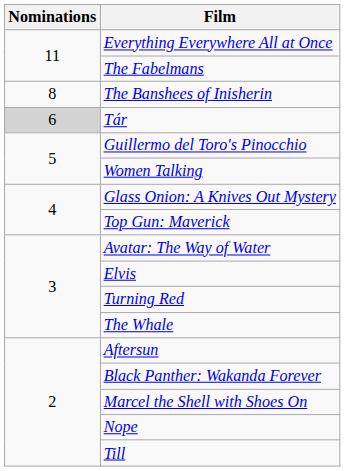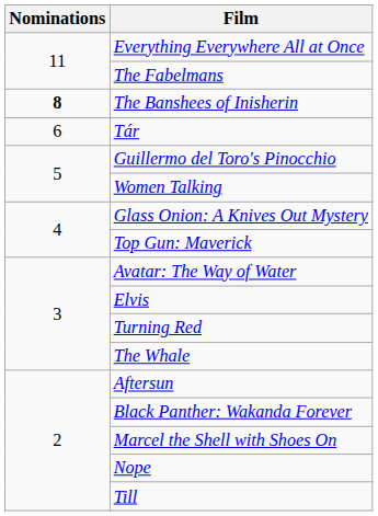 <table class="wikitable">
 <tr>
 <th>Nominations</th>
 <th>Film</th>
 </tr>
 <tr>
 <td rowspan="2" style="text-align:center;">11</td>
 <td><em><a href='#'>Everything Everywhere All at Once</a></em></td>
 </tr>
 <tr>
 <td><em><a href='#'>The Fabelmans</a></em></td>
 </tr>
 <tr>
-<td style="text-align:center;">8</td>
+<td style="text-align:center;"><strong>8</strong></td>
 <td><em><a href='#'>The Banshees of Inisherin</a></em></td>
 </tr>
 <tr>
-<td style="background: lightgrey; text-align:center;">6</td>
+<td style="text-align:center;">6</td>
 <td><em><a href='#'>Tár</a></em></td>
 </tr>
 <tr>
 <td rowspan="2" style="text-align:center;">5</td>
 <td><em><a href='#'>Guillermo del Toro's Pinocchio</a></em></td>
 </tr>
 <tr>
 <td><em><a href='#'>Women Talking</a></em></td>
 </tr>
 <tr>
 <td rowspan="2" style="text-align:center;">4</td>
 <td><em><a href='#'>Glass Onion: A Knives Out Mystery</a></em></td>
 </tr>
 <tr>
 <td><em><a href='#'>Top Gun: Maverick</a></em></td>
 </tr>
 <tr>
 <td rowspan="4" style="text-align:center;">3</td>
 <td><em><a href='#'>Avatar: The Way of Water</a></em></td>
 </tr>
 <tr>
 <td><em><a href='#'>Elvis</a></em></td>
 </tr>
 <tr>
 <td><em><a href='#'>Turning Red</a></em></td>
 </tr>
 <tr>
 <td><em><a href='#'>The Whale</a></em></td>
 </tr>
 <tr>
 <td rowspan="5" style="text-align:center;">2</td>
 <td><em><a href='#'>Aftersun</a></em></td>
 </tr>
 <tr>
 <td><em><a href='#'>Black Panther: Wakanda Forever</a></em></td>
 </tr>
 <tr>
 <td><em><a href='#'>Marcel the Shell with Shoes On</a></em></td>
 </tr>
 <tr>
 <td><em><a href='#'>Nope</a></em></td>
 </tr>
 <tr>
 <td><em><a href='#'>Till</a></em></td>
 </tr>
 </table>
